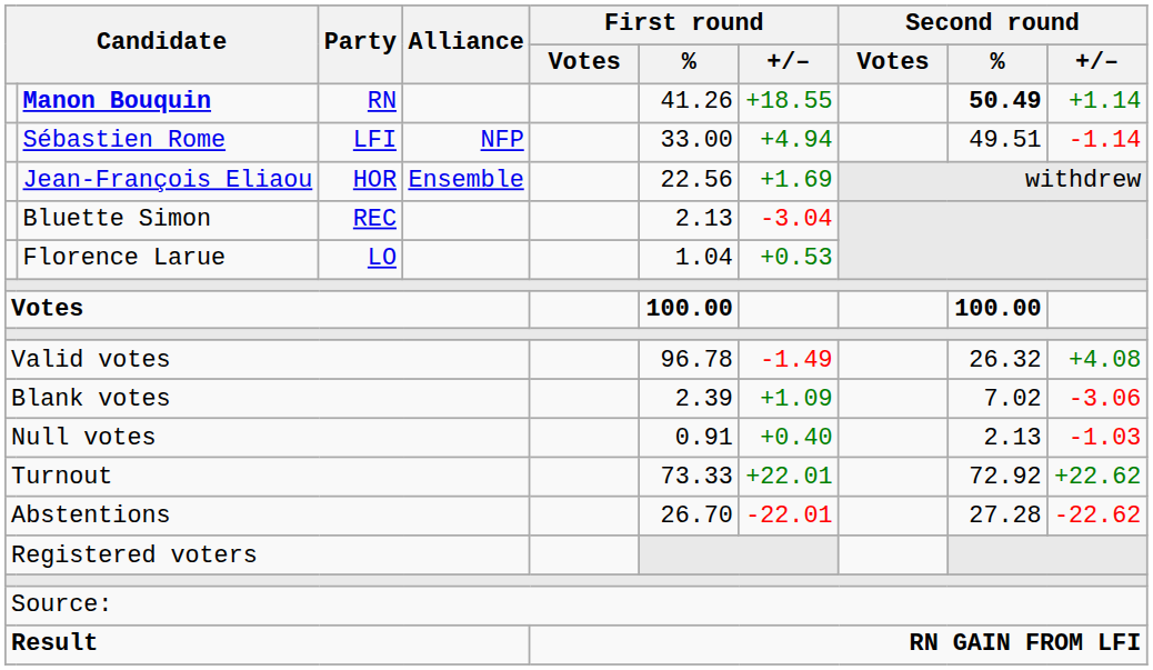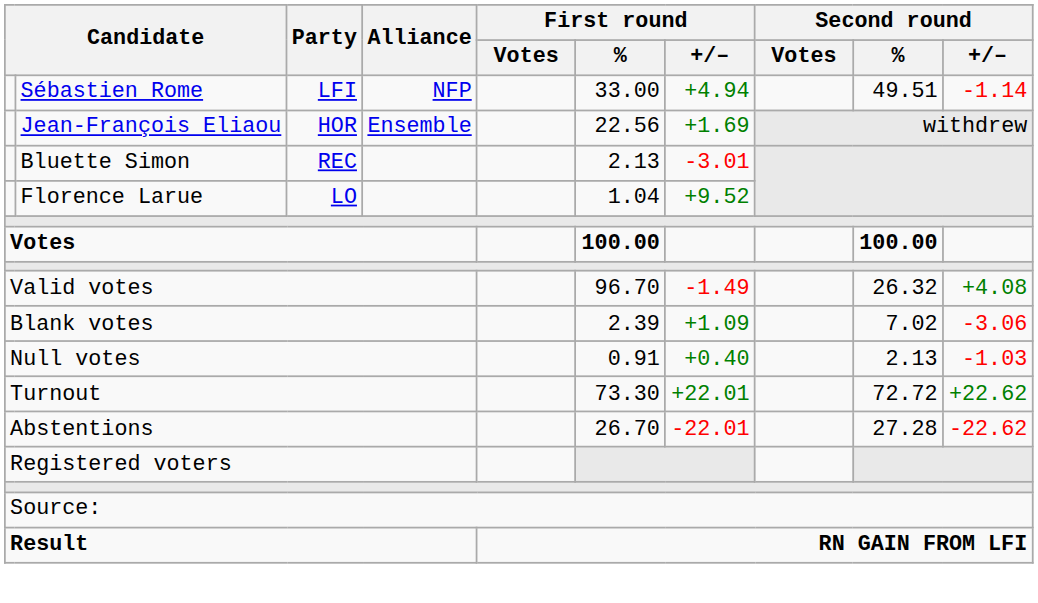 <table class="wikitable" style="text-align:right;font-size:95%;">
 <tr>
 <th rowspan="2" colspan="2">Candidate</th>
 <th colspan="1" rowspan="2">Party</th>
 <th colspan="1" rowspan="2">Alliance</th>
 <th colspan="3">First round</th>
 <th colspan="3">Second round</th>
 </tr>
 <tr>
 <th style="width:50px;">Votes</th>
 <th style="width:45px;">%</th>
 <th style="width:45px;">+/–</th>
 <th style="width:50px;">Votes</th>
 <th style="width:45px;">%</th>
 <th style="width:45px;">+/–</th>
-</tr>
-<tr>
-<td style="color:inherit;background:"></td>
-<td style="text-align:left;"><strong><a href='#'>Manon Bouquin</a></strong></td>
-<td><a href='#'>RN</a></td>
-<td></td>
-<td></td>
-<td>41.26</td>
-<td style="color:green;">+18.55</td>
-<td><strong></strong></td>
-<td><strong>50.49</strong></td>
-<td style="color:green;">+1.14</td>
 </tr>
 <tr>
 <td style="color:inherit;background:"></td>
 <td style="text-align:left;"><a href='#'>Sébastien Rome</a></td>
 <td><a href='#'>LFI</a></td>
 <td><a href='#'>NFP</a></td>
 <td></td>
 <td>33.00</td>
 <td style="color:green;">+4.94</td>
 <td></td>
 <td>49.51</td>
 <td style="color:red;">-1.14</td>
 </tr>
 <tr>
 <td style="color:inherit;background:"></td>
 <td style="text-align:left;"><a href='#'>Jean-François Eliaou</a></td>
 <td><a href='#'>HOR</a></td>
 <td><a href='#'>Ensemble</a></td>
 <td></td>
 <td>22.56</td>
 <td style="color:green;">+1.69</td>
 <td colspan="3" style="background:#E9E9E9;">withdrew</td>
 </tr>
 <tr>
 <td style="color:inherit;background:"></td>
 <td style="text-align:left;">Bluette Simon</td>
 <td><a href='#'>REC</a></td>
 <td></td>
 <td></td>
 <td>2.13</td>
-<td style="color:red;">-3.04</td>
+<td style="color:red;">-3.01</td>
 <td colspan="3" rowspan="2" style="background:#E9E9E9;"></td>
 </tr>
 <tr>
 <td style="color:inherit;background:"></td>
 <td style="text-align:left;">Florence Larue</td>
 <td><a href='#'>LO</a></td>
 <td></td>
 <td></td>
 <td>1.04</td>
-<td style="color:green;">+0.53</td>
+<td style="color:green;">+9.52</td>
 </tr>
 <tr>
 <td colspan="10" style="background:#E9E9E9;"></td>
 </tr>
 <tr style="font-weight:bold;">
 <td colspan="4" style="text-align:left;">Votes</td>
 <td></td>
 <td>100.00</td>
 <td></td>
 <td></td>
 <td>100.00</td>
 <td></td>
 </tr>
 <tr>
 <td colspan="10" style="background:#E9E9E9;"></td>
 </tr>
 <tr>
 <td colspan="4" style="text-align:left;">Valid votes</td>
 <td></td>
-<td>96.78</td>
+<td>96.70</td>
 <td style="color:red;">-1.49</td>
 <td></td>
 <td>26.32</td>
 <td style="color:green;">+4.08</td>
 </tr>
 <tr>
 <td colspan="4" style="text-align:left;">Blank votes</td>
 <td></td>
 <td>2.39</td>
 <td style="color:green;">+1.09</td>
 <td></td>
 <td>7.02</td>
 <td style="color:red;">-3.06</td>
 </tr>
 <tr>
 <td colspan="4" style="text-align:left;">Null votes</td>
 <td></td>
 <td>0.91</td>
 <td style="color:green;">+0.40</td>
 <td></td>
 <td>2.13</td>
 <td style="color:red;">-1.03</td>
 </tr>
 <tr>
 <td colspan="4" style="text-align:left;">Turnout</td>
 <td></td>
-<td>73.33</td>
+<td>73.30</td>
 <td style="color:green;">+22.01</td>
 <td></td>
-<td>72.92</td>
+<td>72.72</td>
 <td style="color:green;">+22.62</td>
 </tr>
 <tr>
 <td colspan="4" style="text-align:left;">Abstentions</td>
 <td></td>
 <td>26.70</td>
 <td style="color:red;">-22.01</td>
 <td></td>
 <td>27.28</td>
 <td style="color:red;">-22.62</td>
 </tr>
 <tr>
 <td colspan="4" style="text-align:left;">Registered voters</td>
 <td></td>
 <td colspan="2" style="background:#E9E9E9;"></td>
 <td></td>
 <td colspan="2" style="background:#E9E9E9;"></td>
 </tr>
 <tr>
 <td colspan="10" style="background:#E9E9E9;"></td>
 </tr>
 <tr>
 <td colspan="10" style="text-align:left;">Source: </td>
 </tr>
 <tr style="font-weight:bold">
 <td colspan="4" style="text-align:left;">Result</td>
 <td colspan="6" style="background-color:">RN GAIN FROM LFI</td>
 </tr>
 </table>
